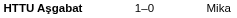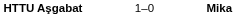 <table width=100% cellspacing=1>
 <tr>
 <th width=20%></th>
 <th width=12%></th>
 <th width=20%></th>
 <th></th>
 </tr>
 <tr style=font-size:90%>
 <td align=right><strong>HTTU Aşgabat</strong></td>
 <td align=center>1–0</td>
-<td>Mika</td>
+<td><strong>Mika</strong></td>
 </tr>
 </table>
